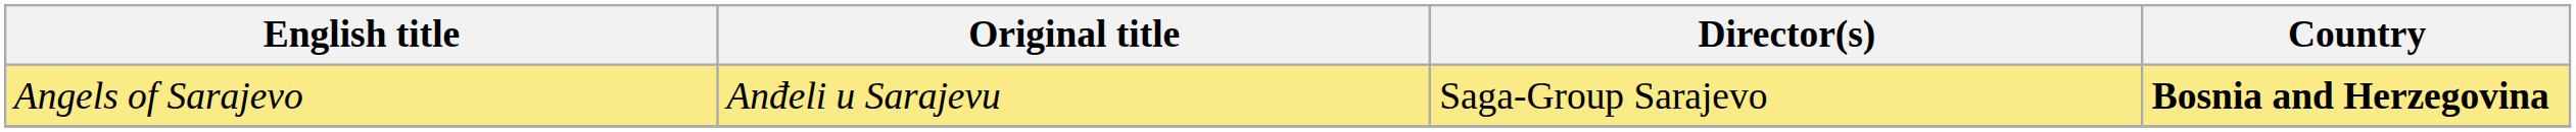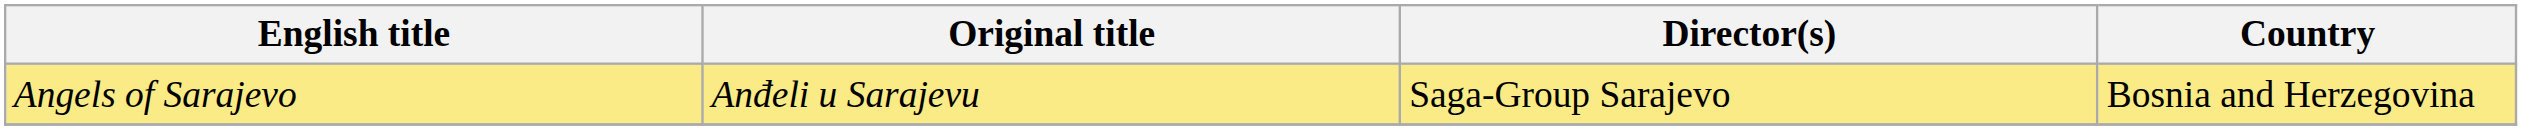 <table class="wikitable" width="85%" cellpadding="5">
 <tr>
 <th width="25%">English title</th>
 <th width="25%">Original title</th>
 <th width="25%">Director(s)</th>
 <th width="15%">Country</th>
 </tr>
 <tr style="background:#FAEB86">
 <td><em>Angels of Sarajevo</em></td>
 <td><em>Anđeli u Sarajevu</em></td>
 <td>Saga-Group Sarajevo</td>
-<td><strong>Bosnia and Herzegovina</strong></td>
+<td>Bosnia and Herzegovina</td>
 </tr>
 <tr>
 </tr>
 </table>
